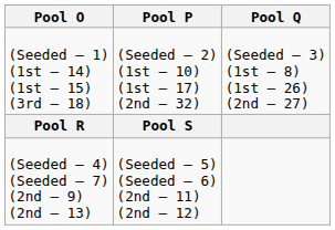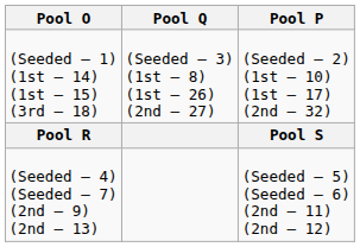 <table class="wikitable">
 <tr>
 <th width=33%>Pool O</th>
+<th width=33%>Pool Q</th>
 <th width=33%>Pool P</th>
-<th width=33%>Pool Q</th>
 </tr>
 <tr>
 <td><br> (Seeded – 1)<br>  (1st – 14)<br>  (1st – 15)<br>  (3rd – 18)</td>
+<td><br> (Seeded – 3)<br>  (1st – 8)<br>  (1st – 26)<br>  (2nd – 27)</td>
 <td><br> (Seeded – 2)<br>  (1st – 10)<br>  (1st – 17)<br>  (2nd – 32)</td>
-<td><br> (Seeded – 3)<br>  (1st – 8)<br>  (1st – 26)<br>  (2nd – 27)</td>
 </tr>
 <tr>
 <th width=33%>Pool R</th>
+<th width=33%></th>
 <th width=33%>Pool S</th>
-<th width=33%></th>
 </tr>
 <tr>
 <td><br> (Seeded – 4)<br>  (Seeded – 7)<br>  (2nd – 9)<br>  (2nd – 13)</td>
+<td></td>
 <td><br> (Seeded – 5)<br>  (Seeded – 6)<br>  (2nd – 11)<br>  (2nd – 12)</td>
-<td></td>
 </tr>
 </table>
